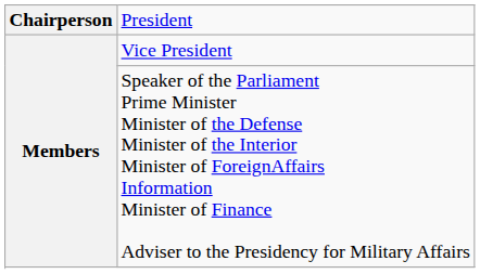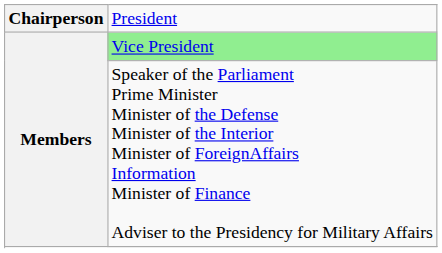 <table class="wikitable">
 <tr>
 <th>Chairperson</th>
 <td><a href='#'>President</a></td>
 </tr>
 <tr>
 <th rowspan="3">Members</th>
-<td><a href='#'>Vice President</a></td>
+<td style="background: lightgreen;"><a href='#'>Vice President</a></td>
 </tr>
 <tr>
 <td>Speaker of the <a href='#'>Parliament</a><br>Prime Minister<br>Minister of <a href='#'>the Defense</a><br>Minister of <a href='#'>the Interior</a><br>Minister of <a href='#'>ForeignAffairs</a><br><a href='#'>Information</a><br>Minister of <a href='#'>Finance</a><br><br>Adviser to the Presidency for Military Affairs</td>
 </tr>
 <tr>
 </tr>
 </table>
